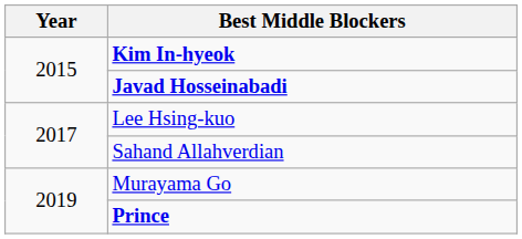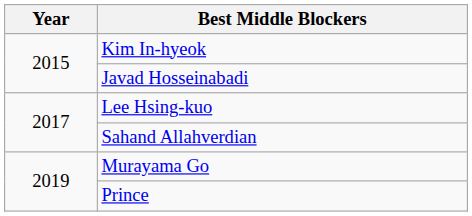 <table class=wikitable style="width: 400px;">
 <tr>
 <th style="width: 20%;">Year</th>
 <th style="width: 80%;">Best Middle Blockers</th>
 </tr>
 <tr>
 <td align=center rowspan=2>2015</td>
-<td><strong> <a href='#'>Kim In-hyeok</a></strong></td>
+<td> <a href='#'>Kim In-hyeok</a></td>
 </tr>
 <tr>
-<td><strong> <a href='#'>Javad Hosseinabadi</a></strong></td>
+<td> <a href='#'>Javad Hosseinabadi</a></td>
 </tr>
 <tr>
 <td align=center rowspan=2>2017</td>
 <td> <a href='#'>Lee Hsing-kuo</a></td>
 </tr>
 <tr>
 <td> <a href='#'>Sahand Allahverdian</a></td>
 </tr>
 <tr>
 <td align=center rowspan=2>2019</td>
 <td> <a href='#'>Murayama Go</a></td>
 </tr>
 <tr>
-<td><strong> <a href='#'>Prince</a></strong></td>
+<td> <a href='#'>Prince</a></td>
 </tr>
 </table>
